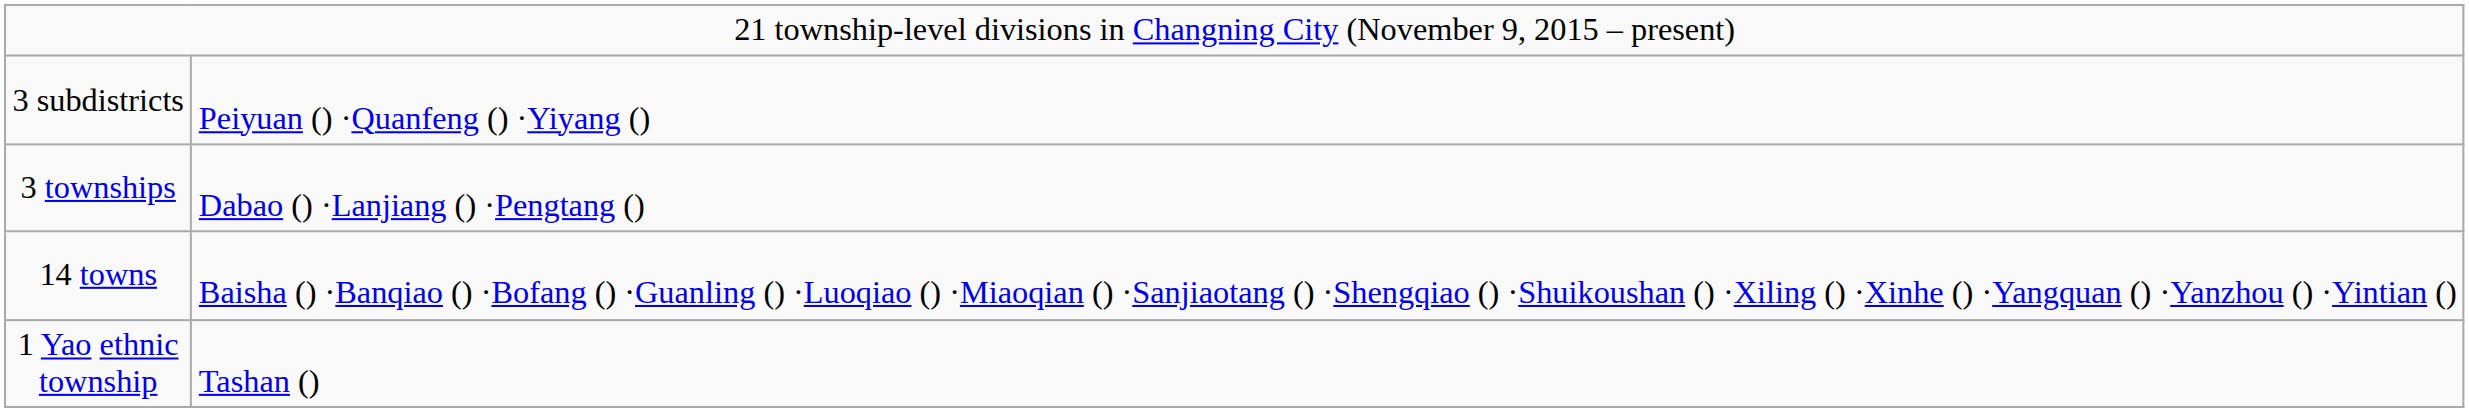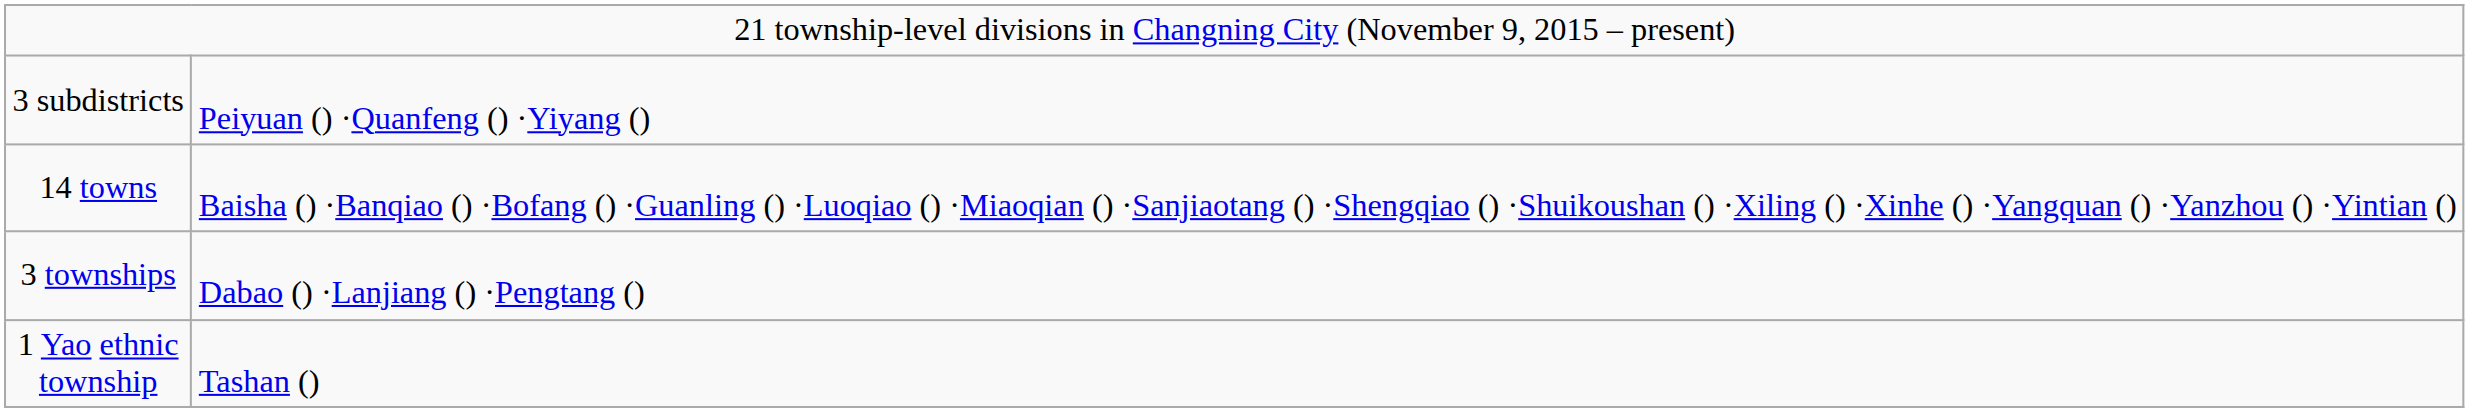 <table class="wikitable">
 <tr>
 <td style="text-align:center;" colspan="2">21 township-level divisions in <a href='#'>Changning City</a> (November 9, 2015 – present)</td>
 </tr>
 <tr align=left>
 <td align=center>3 subdistricts</td>
 <td><br><a href='#'>Peiyuan</a> () ·<a href='#'>Quanfeng</a> () ·<a href='#'>Yiyang</a> ()</td>
 </tr>
 <tr align=left>
+<td align=center>14 <a href='#'>towns</a></td>
+<td><br><a href='#'>Baisha</a> () ·<a href='#'>Banqiao</a> () ·<a href='#'>Bofang</a> () ·<a href='#'>Guanling</a> () ·<a href='#'>Luoqiao</a> () ·<a href='#'>Miaoqian</a> () ·<a href='#'>Sanjiaotang</a> () ·<a href='#'>Shengqiao</a> () ·<a href='#'>Shuikoushan</a> () ·<a href='#'>Xiling</a> () ·<a href='#'>Xinhe</a> () ·<a href='#'>Yangquan</a> () ·<a href='#'>Yanzhou</a> () ·<a href='#'>Yintian</a> ()</td>
+</tr>
+<tr align=left>
 <td align=center>3 <a href='#'>townships</a></td>
 <td><br><a href='#'>Dabao</a> () ·<a href='#'>Lanjiang</a> () ·<a href='#'>Pengtang</a> ()</td>
-</tr>
-<tr align=left>
-<td align=center>14 <a href='#'>towns</a></td>
-<td><br><a href='#'>Baisha</a> () ·<a href='#'>Banqiao</a> () ·<a href='#'>Bofang</a> () ·<a href='#'>Guanling</a> () ·<a href='#'>Luoqiao</a> () ·<a href='#'>Miaoqian</a> () ·<a href='#'>Sanjiaotang</a> () ·<a href='#'>Shengqiao</a> () ·<a href='#'>Shuikoushan</a> () ·<a href='#'>Xiling</a> () ·<a href='#'>Xinhe</a> () ·<a href='#'>Yangquan</a> () ·<a href='#'>Yanzhou</a> () ·<a href='#'>Yintian</a> ()</td>
 </tr>
 <tr align=left>
 <td align=center>1 <a href='#'>Yao</a> <a href='#'>ethnic <br>township</a></td>
 <td><br><a href='#'>Tashan</a> ()</td>
 </tr>
 </table>
